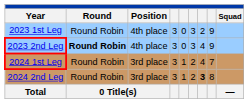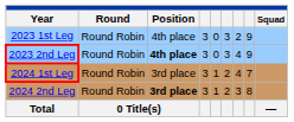 <table class="wikitable" style="text-align: center; font-size:95%;">
 <tr>
 <th colspan=9 style="background:#0038A8; color: #FFFFFF;"><a href='#'></a></th>
 </tr>
 <tr>
 <th>Year</th>
 <th>Round</th>
 <th>Position</th>
 <th></th>
 <th></th>
 <th></th>
 <th></th>
 <th></th>
 <th><small>Squad</small></th>
 </tr>
 <tr bgcolor=#9acdff>
 <td> <a href='#'>2023 1st Leg</a></td>
 <td>Round Robin</td>
 <td>4th place</td>
 <td>3</td>
 <td>0</td>
 <td>3</td>
 <td>2</td>
 <td>9</td>
 <td></td>
 </tr>
 <tr bgcolor=#9acdff>
 <td style="border:solid red 3px"> <a href='#'>2023 2nd Leg</a></td>
-<td><strong>Round Robin</strong></td>
-<td>4th place</td>
+<td>Round Robin</td>
+<td><strong>4th place</strong></td>
 <td>3</td>
 <td>0</td>
 <td>3</td>
 <td>4</td>
 <td>9</td>
 <td></td>
 </tr>
 <tr bgcolor=#cc9966>
 <td style="border:solid red 3px"> <a href='#'>2024 1st Leg</a></td>
 <td>Round Robin</td>
 <td>3rd place</td>
 <td>3</td>
 <td>1</td>
 <td>2</td>
 <td>4</td>
 <td>7</td>
 <td></td>
 </tr>
 <tr bgcolor=#cc9966>
 <td> <a href='#'>2024 2nd Leg</a></td>
 <td>Round Robin</td>
-<td>3rd place</td>
+<td><strong>3rd place</strong></td>
 <td>3</td>
 <td>1</td>
 <td>2</td>
-<td><strong>3</strong></td>
+<td>3</td>
 <td>8</td>
 <td></td>
 </tr>
 <tr>
 <th>Total</th>
 <th colspan=2>0 Title(s)</th>
 <th></th>
 <th></th>
 <th></th>
 <th></th>
 <th></th>
 <th>—</th>
 </tr>
 </table>
